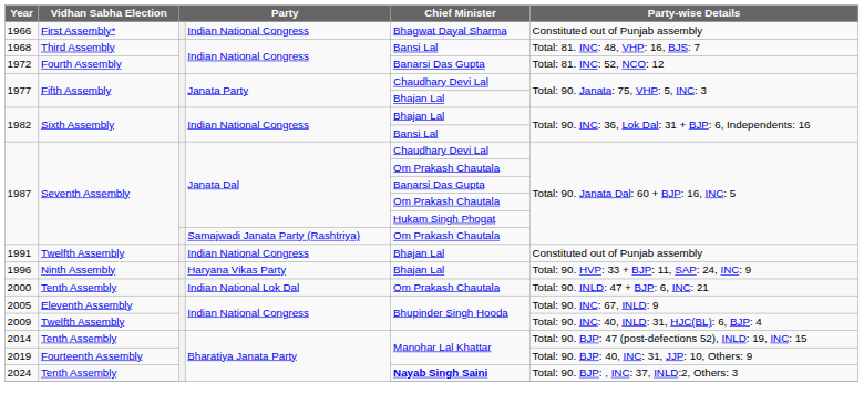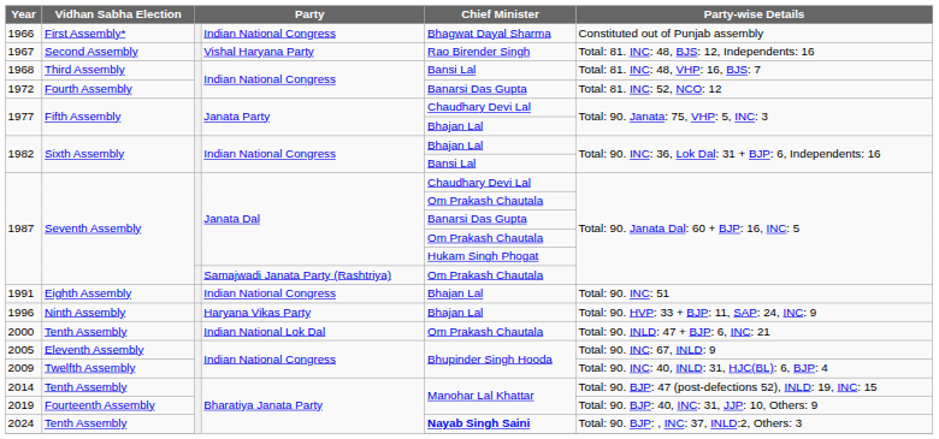 <table class="wikitable sortable" width="100%">
 <tr>
 <th style="background-color:#666666; color:white">Year</th>
 <th style="background-color:#666666; color:white">Vidhan Sabha Election</th>
 <th colspan=2 style="background-color:#666666; color:white">Party</th>
 <th style="background-color:#666666; color:white">Chief Minister</th>
 <th style="background-color:#666666; color:white">Party-wise Details</th>
 </tr>
 <tr --->
 <td>1966</td>
 <td><a href='#'>First Assembly*</a></td>
 <th style="background-color: "></th>
 <td><a href='#'>Indian National Congress</a></td>
 <td><a href='#'>Bhagwat Dayal Sharma</a></td>
 <td>Constituted out of Punjab assembly</td>
+</tr>
+<tr --->
+<td>1967</td>
+<td><a href='#'>Second Assembly</a></td>
+<th style="background-color: "></th>
+<td><a href='#'>Vishal Haryana Party</a></td>
+<td><a href='#'>Rao Birender Singh</a></td>
+<td>Total: 81. <a href='#'>INC</a>: 48, <a href='#'>BJS</a>: 12, Independents: 16</td>
 </tr>
 <tr --->
 <td>1968</td>
 <td><a href='#'>Third Assembly</a></td>
 <th rowspan=3 style="background-color: "></th>
 <td rowspan=3><a href='#'>Indian National Congress</a></td>
 <td rowspan=2><a href='#'>Bansi Lal</a></td>
 <td>Total: 81. <a href='#'>INC</a>: 48, <a href='#'>VHP</a>: 16, <a href='#'>BJS</a>: 7</td>
 </tr>
 <tr --->
 <td rowspan=2>1972</td>
 <td rowspan=2><a href='#'>Fourth Assembly</a></td>
 <td rowspan=2>Total: 81. <a href='#'>INC</a>: 52, <a href='#'>NCO</a>: 12</td>
 </tr>
 <tr --->
 <td><a href='#'>Banarsi Das Gupta</a></td>
 </tr>
 <tr --->
 <td rowspan=2>1977</td>
 <td rowspan=2><a href='#'>Fifth Assembly</a></td>
 <th rowspan=2 style="background-color: "></th>
 <td rowspan=2><a href='#'>Janata Party</a></td>
 <td><a href='#'>Chaudhary Devi Lal</a></td>
 <td rowspan=2>Total: 90. <a href='#'>Janata</a>: 75, <a href='#'>VHP</a>: 5, <a href='#'>INC</a>: 3</td>
 </tr>
 <tr --->
 <td><a href='#'>Bhajan Lal</a></td>
 </tr>
 <tr --->
 <td rowspan=2>1982</td>
 <td rowspan=2><a href='#'>Sixth Assembly</a></td>
 <th rowspan=2 style="background-color: "></th>
 <td rowspan=2><a href='#'>Indian National Congress</a></td>
 <td><a href='#'>Bhajan Lal</a></td>
 <td rowspan=2>Total: 90. <a href='#'>INC</a>: 36, <a href='#'>Lok Dal</a>: 31 + <a href='#'>BJP</a>: 6, Independents: 16</td>
 </tr>
 <tr --->
 <td><a href='#'>Bansi Lal</a></td>
 </tr>
 <tr --->
 <td rowspan=6>1987</td>
 <td rowspan=6><a href='#'>Seventh Assembly</a></td>
 <th rowspan=5 style="background-color: "></th>
 <td rowspan=5><a href='#'>Janata Dal</a></td>
 <td><a href='#'>Chaudhary Devi Lal</a></td>
 <td rowspan=6>Total: 90. <a href='#'>Janata Dal</a>: 60 + <a href='#'>BJP</a>: 16, <a href='#'>INC</a>: 5</td>
 </tr>
 <tr --->
 <td><a href='#'>Om Prakash Chautala</a></td>
 </tr>
 <tr --->
 <td><a href='#'>Banarsi Das Gupta</a></td>
 </tr>
 <tr --->
 <td><a href='#'>Om Prakash Chautala</a></td>
 </tr>
 <tr --->
 <td><a href='#'>Hukam Singh Phogat</a></td>
 </tr>
 <tr --->
 <th style="background-color: "></th>
 <td><a href='#'>Samajwadi Janata Party (Rashtriya)</a></td>
 <td><a href='#'>Om Prakash Chautala</a></td>
 </tr>
 <tr --->
 <td>1991</td>
-<td><a href='#'>Twelfth Assembly</a></td>
+<td><a href='#'>Eighth Assembly</a></td>
 <th style="background-color: "></th>
 <td><a href='#'>Indian National Congress</a></td>
 <td><a href='#'>Bhajan Lal</a></td>
-<td>Constituted out of Punjab assembly</td>
+<td>Total: 90. <a href='#'>INC</a>: 51</td>
 </tr>
 <tr --->
 <td rowspan=2>1996</td>
 <td rowspan=2><a href='#'>Ninth Assembly</a></td>
 <th style="background-color: "></th>
 <td><a href='#'>Haryana Vikas Party</a></td>
 <td><a href='#'>Bhajan Lal</a></td>
 <td rowspan=2>Total: 90. <a href='#'>HVP</a>: 33 + <a href='#'>BJP</a>: 11, <a href='#'>SAP</a>: 24, <a href='#'>INC</a>: 9</td>
 </tr>
 <tr --->
 <th rowspan=2 style="background-color: "></th>
 <td rowspan=2><a href='#'>Indian National Lok Dal</a></td>
 <td rowspan=2><a href='#'>Om Prakash Chautala</a></td>
 </tr>
 <tr --->
 <td>2000</td>
 <td><a href='#'>Tenth Assembly</a></td>
 <td>Total: 90. <a href='#'>INLD</a>: 47 + <a href='#'>BJP</a>: 6, <a href='#'>INC</a>: 21</td>
 </tr>
 <tr --->
 <td>2005</td>
 <td><a href='#'>Eleventh Assembly</a></td>
 <th rowspan=2 style="background-color: "></th>
 <td rowspan=2><a href='#'>Indian National Congress</a></td>
 <td rowspan=2><a href='#'>Bhupinder Singh Hooda</a></td>
 <td>Total: 90. <a href='#'>INC</a>: 67, <a href='#'>INLD</a>: 9</td>
 </tr>
 <tr --->
 <td>2009</td>
 <td><a href='#'>Twelfth Assembly</a></td>
 <td>Total: 90. <a href='#'>INC</a>: 40, <a href='#'>INLD</a>: 31, <a href='#'>HJC(BL)</a>: 6, <a href='#'>BJP</a>: 4</td>
 </tr>
 <tr --->
 <td>2014</td>
 <td><a href='#'>Tenth Assembly</a></td>
 <th rowspan=4 style="background-color: "></th>
 <td rowspan=4><a href='#'>Bharatiya Janata Party</a></td>
 <td rowspan=2><a href='#'>Manohar Lal Khattar</a></td>
 <td>Total: 90. <a href='#'>BJP</a>: 47 (post-defections 52), <a href='#'>INLD</a>: 19, <a href='#'>INC</a>: 15</td>
 </tr>
 <tr --->
 <td>2019</td>
 <td><a href='#'>Fourteenth Assembly</a></td>
 <td>Total: 90. <a href='#'>BJP</a>: 40, <a href='#'>INC</a>: 31, <a href='#'>JJP</a>: 10, Others: 9</td>
 </tr>
 <tr --->
 <td>2024</td>
 <td><a href='#'>Tenth Assembly</a></td>
 <td><strong><a href='#'>Nayab Singh Saini</a></strong></td>
 <td>Total: 90. <a href='#'>BJP</a>: , <a href='#'>INC</a>: 37,  <a href='#'>INLD</a>:2, Others: 3</td>
 </tr>
 <tr --->
 </tr>
 </table>
